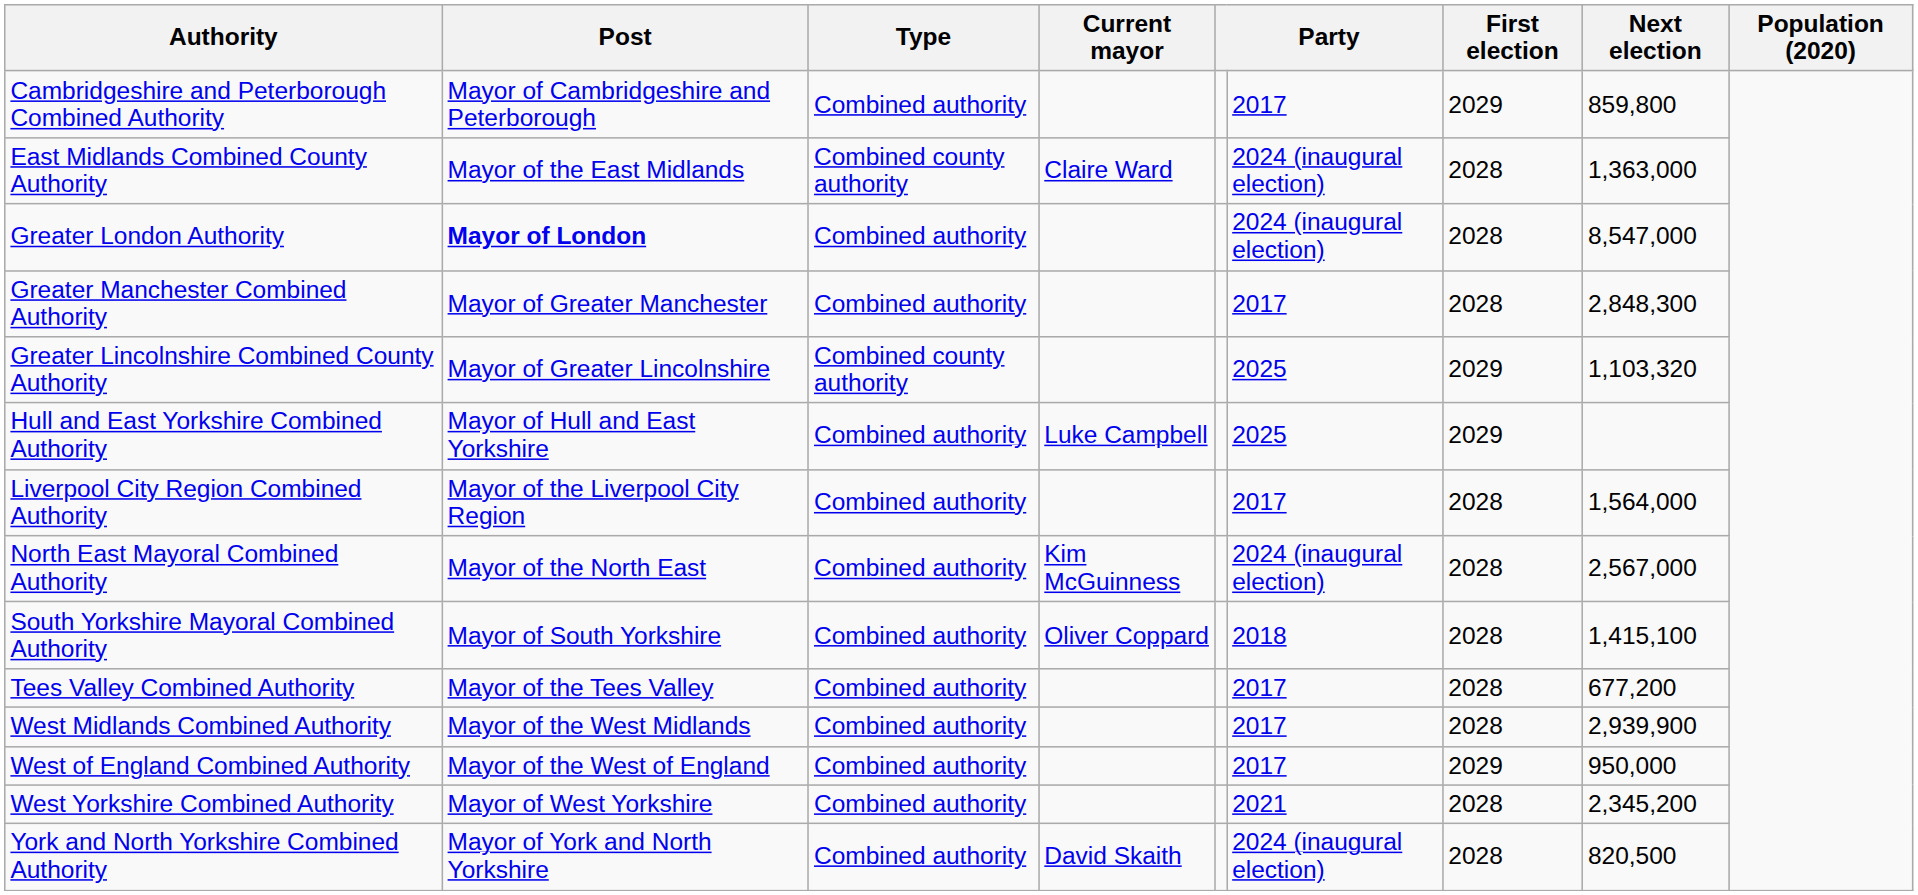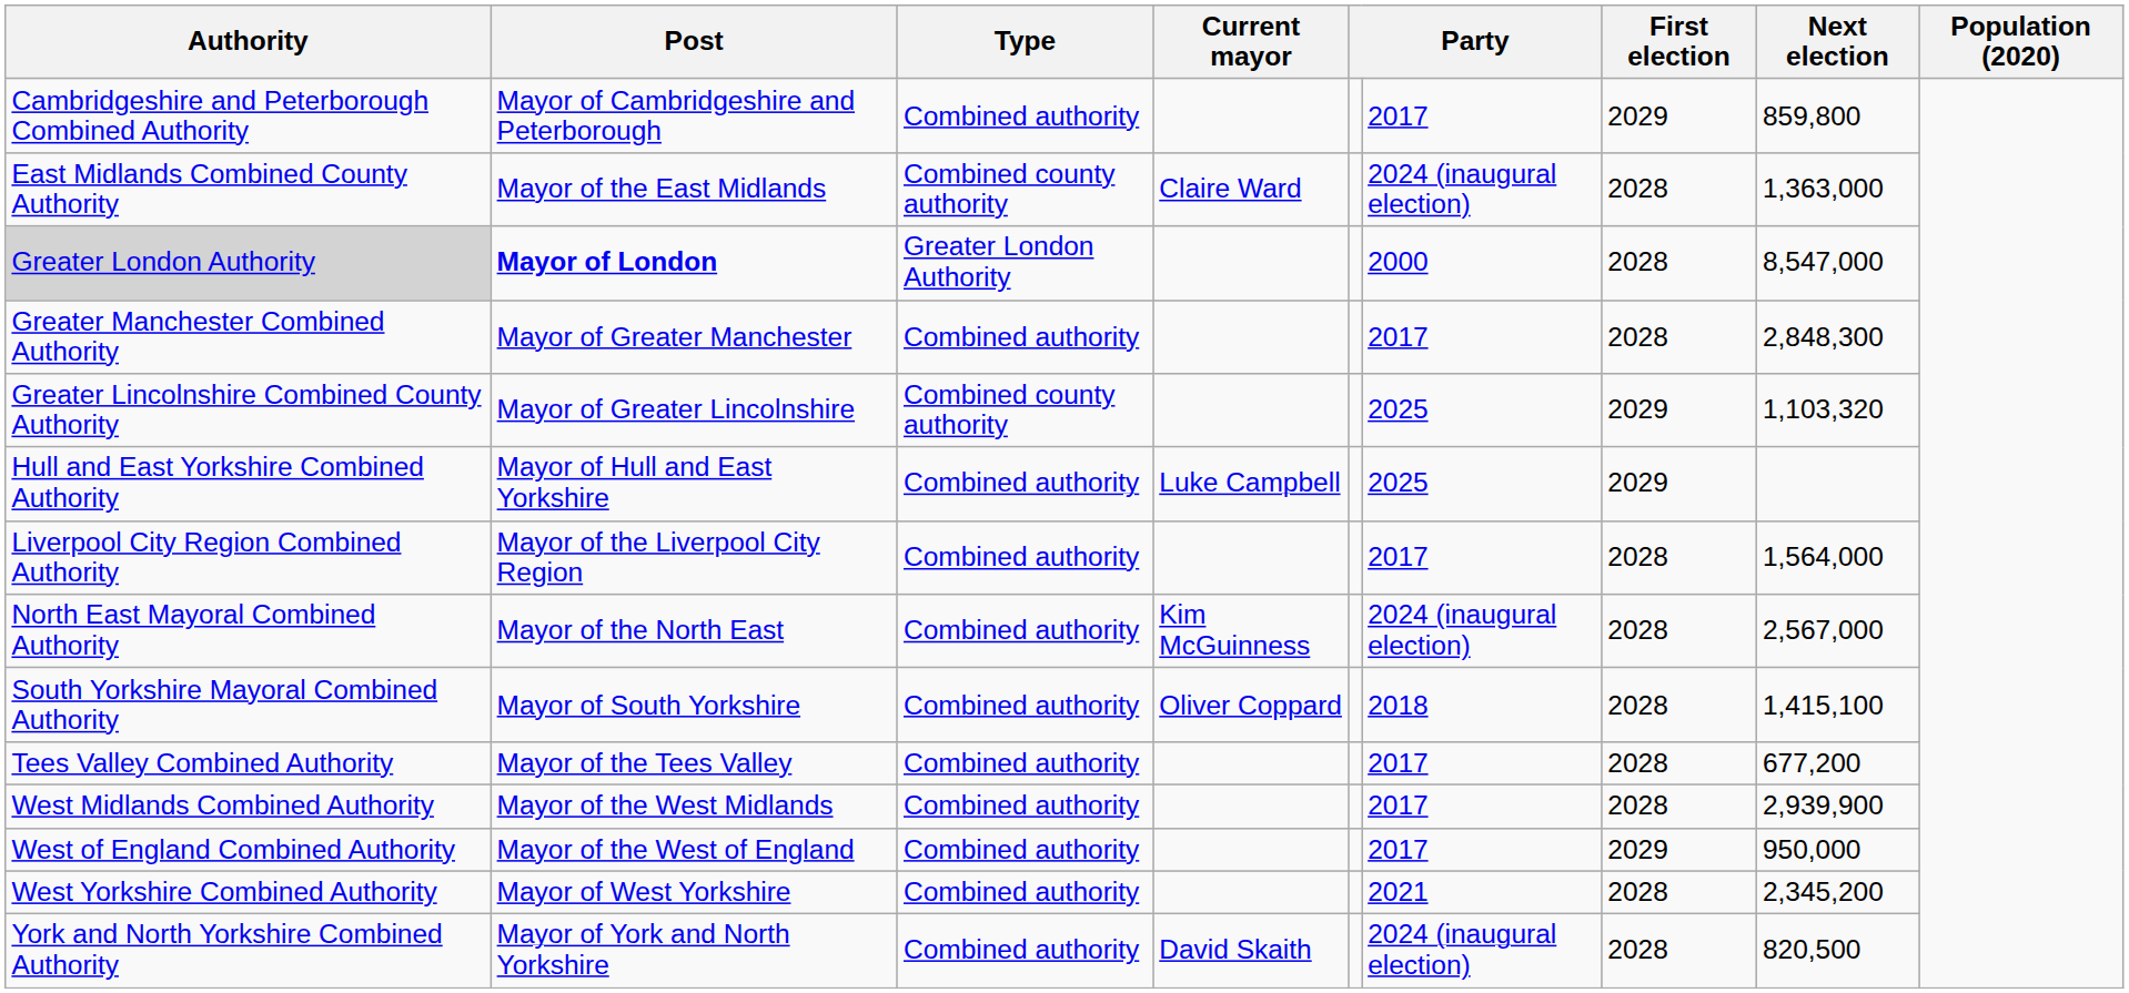 <table class="wikitable sortable">
 <tr>
 <th>Authority</th>
 <th>Post</th>
 <th>Type</th>
 <th>Current mayor</th>
 <th colspan="2">Party</th>
 <th>First election</th>
 <th>Next election</th>
 <th>Population (2020)</th>
 </tr>
 <tr>
 <td><a href='#'>Cambridgeshire and Peterborough Combined Authority</a></td>
 <td><a href='#'>Mayor of Cambridgeshire and Peterborough</a></td>
 <td><a href='#'>Combined authority</a></td>
 <td></td>
 <td></td>
 <td><a href='#'>2017</a></td>
 <td>2029</td>
 <td>859,800</td>
 </tr>
 <tr>
 <td><a href='#'>East Midlands Combined County Authority</a></td>
 <td><a href='#'>Mayor of the East Midlands</a></td>
 <td><a href='#'>Combined county authority</a></td>
 <td><a href='#'>Claire Ward</a></td>
 <td></td>
 <td><a href='#'>2024 (inaugural election)</a></td>
 <td>2028</td>
 <td>1,363,000</td>
 </tr>
 <tr>
+<td style="background: lightgrey;"><a href='#'>Greater London Authority</a></td>
+<td><strong><a href='#'>Mayor of London</a></strong></td>
 <td><a href='#'>Greater London Authority</a></td>
-<td><strong><a href='#'>Mayor of London</a></strong></td>
-<td><a href='#'>Combined authority</a></td>
 <td></td>
 <td></td>
-<td><a href='#'>2024 (inaugural election)</a></td>
+<td><a href='#'>2000</a></td>
 <td>2028</td>
 <td>8,547,000</td>
 </tr>
 <tr>
 <td><a href='#'>Greater Manchester Combined Authority</a></td>
 <td><a href='#'>Mayor of Greater Manchester</a></td>
 <td><a href='#'>Combined authority</a></td>
 <td></td>
 <td></td>
 <td><a href='#'>2017</a></td>
 <td>2028</td>
 <td>2,848,300</td>
 </tr>
 <tr>
 <td><a href='#'>Greater Lincolnshire Combined County Authority</a></td>
 <td><a href='#'>Mayor of Greater Lincolnshire</a></td>
 <td><a href='#'>Combined county authority</a></td>
 <td></td>
 <td></td>
 <td><a href='#'>2025</a></td>
 <td>2029</td>
 <td>1,103,320</td>
 </tr>
 <tr>
 <td><a href='#'>Hull and East Yorkshire Combined Authority</a></td>
 <td><a href='#'>Mayor of Hull and East Yorkshire</a></td>
 <td><a href='#'>Combined authority</a></td>
 <td><a href='#'>Luke Campbell</a></td>
 <td></td>
 <td><a href='#'>2025</a></td>
 <td>2029</td>
 <td></td>
 </tr>
 <tr>
 <td><a href='#'>Liverpool City Region Combined Authority</a></td>
 <td><a href='#'>Mayor of the Liverpool City Region</a></td>
 <td><a href='#'>Combined authority</a></td>
 <td></td>
 <td></td>
 <td><a href='#'>2017</a></td>
 <td>2028</td>
 <td>1,564,000</td>
 </tr>
 <tr>
 <td><a href='#'>North East Mayoral Combined Authority</a></td>
 <td><a href='#'>Mayor of the North East</a></td>
 <td><a href='#'>Combined authority</a></td>
 <td><a href='#'>Kim McGuinness</a></td>
 <td></td>
 <td><a href='#'>2024 (inaugural election)</a></td>
 <td>2028</td>
 <td>2,567,000</td>
 </tr>
 <tr>
 <td><a href='#'>South Yorkshire Mayoral Combined Authority</a></td>
 <td><a href='#'>Mayor of South Yorkshire</a></td>
 <td><a href='#'>Combined authority</a></td>
 <td><a href='#'>Oliver Coppard</a></td>
 <td></td>
 <td><a href='#'>2018</a></td>
 <td>2028</td>
 <td>1,415,100</td>
 </tr>
 <tr>
 <td><a href='#'>Tees Valley Combined Authority</a></td>
 <td><a href='#'>Mayor of the Tees Valley</a></td>
 <td><a href='#'>Combined authority</a></td>
 <td></td>
 <td></td>
 <td><a href='#'>2017</a></td>
 <td>2028</td>
 <td>677,200</td>
 </tr>
 <tr>
 <td><a href='#'>West Midlands Combined Authority</a></td>
 <td><a href='#'>Mayor of the West Midlands</a></td>
 <td><a href='#'>Combined authority</a></td>
 <td></td>
 <td></td>
 <td><a href='#'>2017</a></td>
 <td>2028</td>
 <td>2,939,900</td>
 </tr>
 <tr>
 <td><a href='#'>West of England Combined Authority</a></td>
 <td><a href='#'>Mayor of the West of England</a></td>
 <td><a href='#'>Combined authority</a></td>
 <td></td>
 <td></td>
 <td><a href='#'>2017</a></td>
 <td>2029</td>
 <td>950,000</td>
 </tr>
 <tr>
 <td><a href='#'>West Yorkshire Combined Authority</a></td>
 <td><a href='#'>Mayor of West Yorkshire</a></td>
 <td><a href='#'>Combined authority</a></td>
 <td></td>
 <td></td>
 <td><a href='#'>2021</a></td>
 <td>2028</td>
 <td>2,345,200</td>
 </tr>
 <tr>
 <td><a href='#'>York and North Yorkshire Combined Authority</a></td>
 <td><a href='#'>Mayor of York and North Yorkshire</a></td>
 <td><a href='#'>Combined authority</a></td>
 <td><a href='#'>David Skaith</a></td>
 <td></td>
 <td scope="row" style="text-align: left;"><a href='#'>2024 (inaugural election)</a></td>
 <td>2028</td>
 <td>820,500</td>
 </tr>
 </table>
